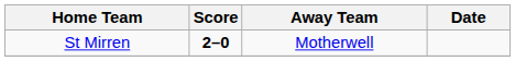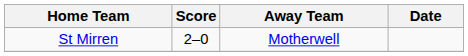 <table class="wikitable" style="text-align:center;">
 <tr>
 <th width=175>Home Team</th>
 <th width=20>Score</th>
 <th width=175>Away Team</th>
 <th width= 75>Date</th>
 </tr>
 <tr>
 <td><a href='#'>St Mirren</a></td>
-<td><strong>2–0</strong></td>
+<td>2–0</td>
 <td><a href='#'>Motherwell</a></td>
 <td></td>
 </tr>
 <tr>
 </tr>
 </table>
